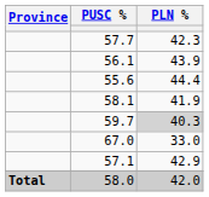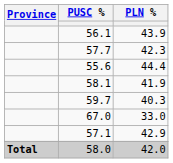 <table class="wikitable sortable" style="text-align:right; font-size:95%">
 <tr>
 <th rowspan="2"><a href='#'>Province</a></th>
 <th width="60px"><a href='#'>PUSC</a> %</th>
 <th width="60px"><a href='#'>PLN</a> %</th>
 </tr>
 <tr>
 <th style="background:"></th>
 <th style="background:"></th>
 </tr>
 <tr>
 <td align="left"></td>
-<td style="background:">57.7</td>
-<td>42.3</td>
+<td style="background:">56.1</td>
+<td>43.9</td>
 </tr>
 <tr>
 <td align="left"></td>
-<td style="background:">56.1</td>
-<td>43.9</td>
+<td style="background:">57.7</td>
+<td>42.3</td>
 </tr>
 <tr>
 <td align="left"></td>
 <td style="background:">55.6</td>
 <td>44.4</td>
 </tr>
 <tr>
 <td align="left"></td>
 <td style="background:">58.1</td>
 <td>41.9</td>
 </tr>
 <tr>
 <td align="left"></td>
 <td style="background:">59.7</td>
-<td style="background: lightgrey;">40.3</td>
+<td>40.3</td>
 </tr>
 <tr>
 <td align="left"></td>
 <td style="background:">67.0</td>
 <td>33.0</td>
 </tr>
 <tr>
 <td align="left"></td>
 <td style="background:">57.1</td>
 <td>42.9</td>
 </tr>
 <tr>
 </tr>
 <tr style="background:#CDCDCD;">
 <td align="left"><strong>Total</strong></td>
 <td style="background:">58.0</td>
 <td>42.0</td>
 </tr>
 </table>
